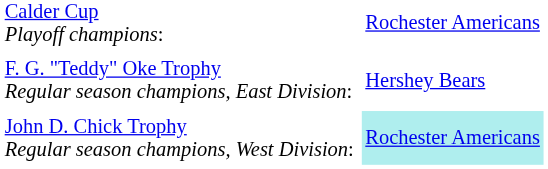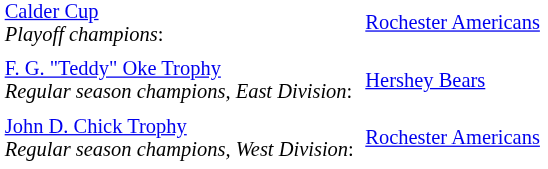 <table cellpadding="3" cellspacing="3">
 <tr>
 <td><a href='#'>Calder Cup</a><br><em>Playoff champions</em>:</td>
 <td><a href='#'>Rochester Americans</a></td>
 </tr>
 <tr>
 <td><a href='#'>F. G. "Teddy" Oke Trophy</a><br><em>Regular season champions, East Division</em>:</td>
 <td><a href='#'>Hershey Bears</a></td>
 </tr>
 <tr>
 <td><a href='#'>John D. Chick Trophy</a><br><em>Regular season champions, West Division</em>:</td>
-<td style="background: paleturquoise;"><a href='#'>Rochester Americans</a></td>
+<td><a href='#'>Rochester Americans</a></td>
 </tr>
 </table>
